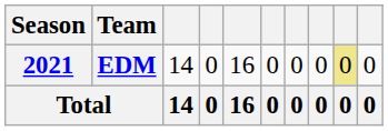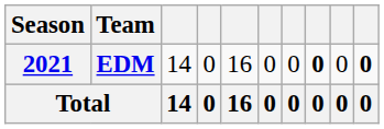 <table class="wikitable" style="text-align:center;">
 <tr>
 <th><strong>Season</strong></th>
 <th><strong>Team</strong></th>
 <th></th>
 <th></th>
 <th></th>
 <th></th>
 <th></th>
 <th></th>
 <th></th>
 <th></th>
 </tr>
 <tr>
 <th><strong><a href='#'>2021</a></strong></th>
 <th><strong><a href='#'>EDM</a></strong></th>
 <td>14</td>
 <td>0</td>
 <td>16</td>
 <td>0</td>
 <td>0</td>
+<td><strong>0</strong></td>
 <td>0</td>
-<td style="background: khaki;">0</td>
-<td>0</td>
+<td><strong>0</strong></td>
 </tr>
 <tr>
 <th colspan="2"><strong>Total</strong></th>
 <th><strong>14</strong></th>
 <th><strong>0</strong></th>
 <th><strong>16</strong></th>
 <th><strong>0</strong></th>
 <th><strong>0</strong></th>
 <th><strong>0</strong></th>
 <th><strong>0</strong></th>
 <th><strong>0</strong></th>
 </tr>
 </table>
